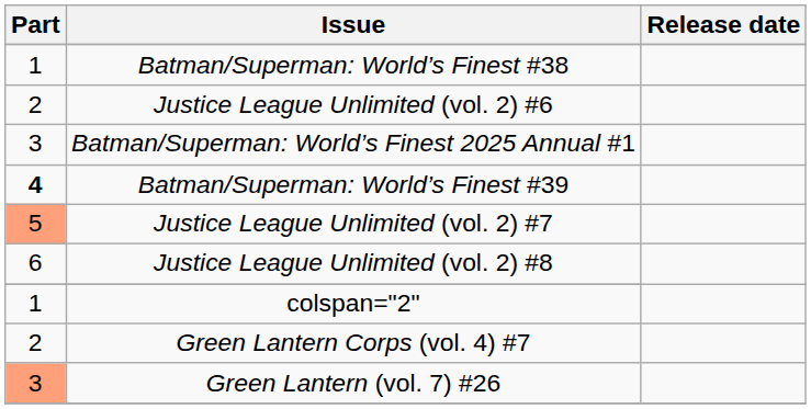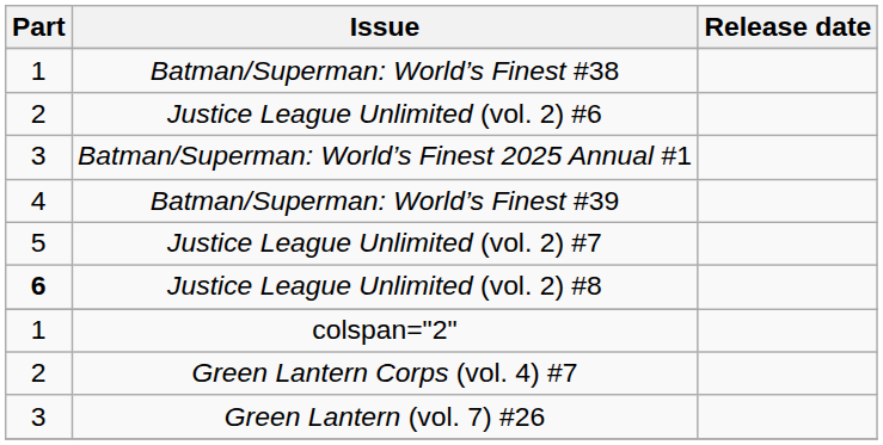 <table class="wikitable sortable" style="text-align:center; font-weight:normal;">
 <tr>
 <th scope="col">Part</th>
 <th scope="col">Issue</th>
 <th scope="col">Release date</th>
 </tr>
 <tr>
 </tr>
 <tr>
 <td>1</td>
 <td><em>Batman/Superman: World’s Finest</em> #38</td>
 <td></td>
 </tr>
 <tr>
 <td>2</td>
 <td><em>Justice League Unlimited</em> (vol. 2) #6</td>
 <td></td>
 </tr>
 <tr>
 <td>3</td>
 <td><em>Batman/Superman: World’s Finest 2025 Annual</em> #1</td>
 <td></td>
 </tr>
 <tr>
-<td><strong>4</strong></td>
+<td>4</td>
 <td><em>Batman/Superman: World’s Finest</em> #39</td>
 <td></td>
 </tr>
 <tr>
-<td style="background: lightsalmon;">5</td>
+<td>5</td>
 <td><em>Justice League Unlimited</em> (vol. 2) #7</td>
 <td></td>
 </tr>
 <tr>
-<td>6</td>
+<td><strong>6</strong></td>
 <td><em>Justice League Unlimited</em> (vol. 2) #8</td>
 <td></td>
 </tr>
 <tr>
 </tr>
 <tr>
 <td>1</td>
 <td>colspan="2" </td>
 </tr>
 <tr>
 <td>2</td>
 <td><em>Green Lantern Corps</em> (vol. 4) #7</td>
 <td></td>
 </tr>
 <tr>
-<td style="background: lightsalmon;">3</td>
+<td>3</td>
 <td><em>Green Lantern</em> (vol. 7) #26</td>
 <td></td>
 </tr>
 <tr>
 </tr>
 </table>
